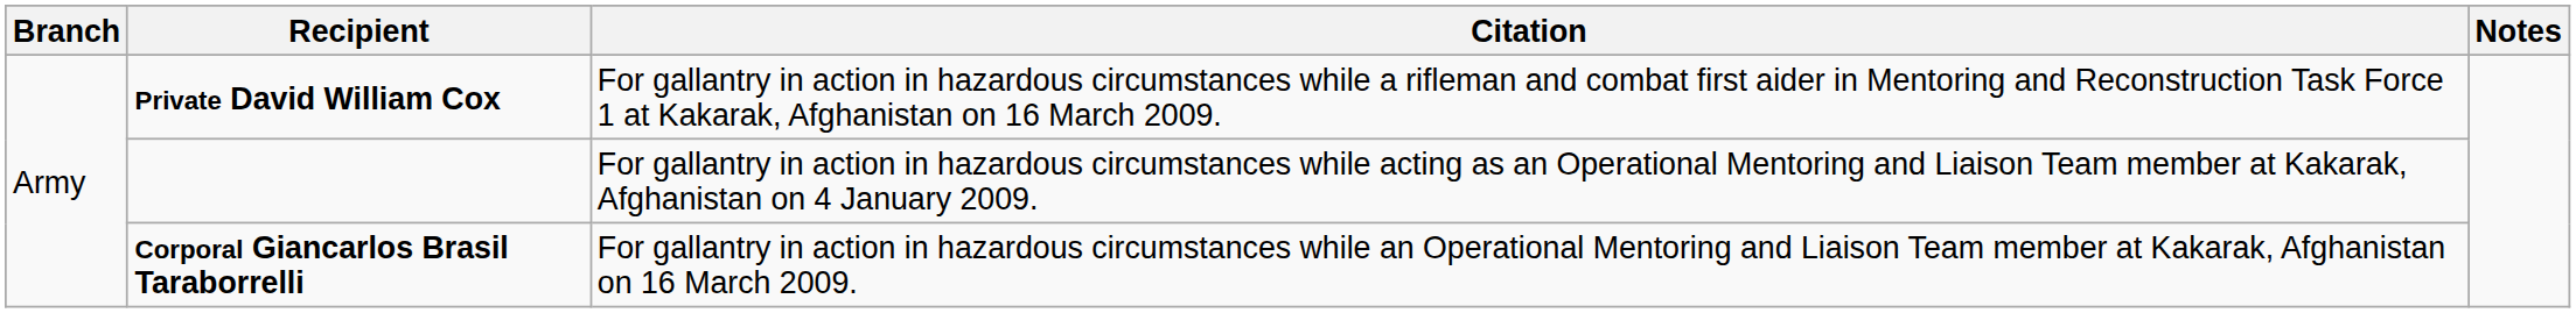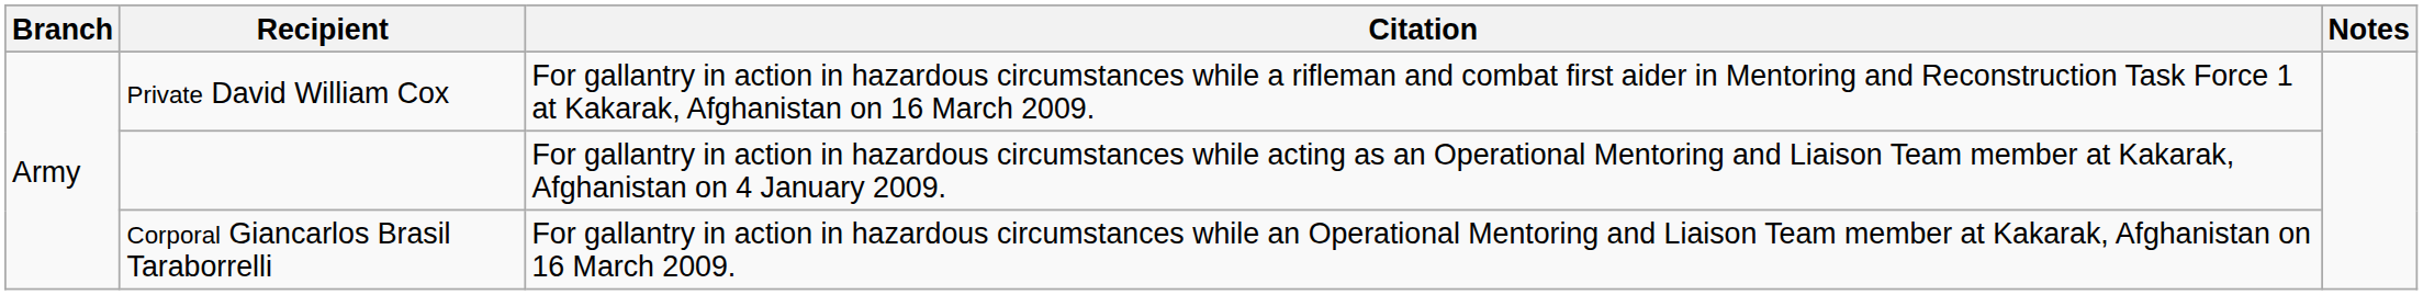 <table class="wikitable" style="font-size:95%;">
 <tr>
 <th>Branch</th>
 <th>Recipient</th>
 <th>Citation</th>
 <th>Notes</th>
 </tr>
 <tr>
 <td rowspan=3>Army</td>
-<td><strong><small>Private</small> David William Cox</strong></td>
+<td><small>Private</small> David William Cox</td>
 <td>For gallantry in action in hazardous circumstances while a rifleman and combat first aider in Mentoring and Reconstruction Task Force 1 at Kakarak, Afghanistan on 16 March 2009.</td>
 <td rowspan=3></td>
 </tr>
 <tr>
 <td></td>
 <td>For gallantry in action in hazardous circumstances while acting as an Operational Mentoring and Liaison Team member at Kakarak, Afghanistan on 4 January 2009.</td>
 </tr>
 <tr>
-<td><strong><small>Corporal</small> Giancarlos Brasil Taraborrelli</strong></td>
+<td><small>Corporal</small> Giancarlos Brasil Taraborrelli</td>
 <td>For gallantry in action in hazardous circumstances while an Operational Mentoring and Liaison Team member at Kakarak, Afghanistan on 16 March 2009.</td>
 </tr>
 </table>
